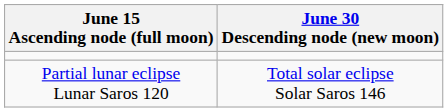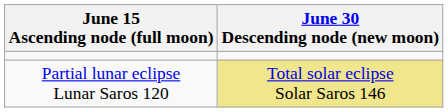 <table class="wikitable">
 <tr>
 <th>June 15<br>Ascending node (full moon)<br></th>
 <th><a href='#'>June 30</a><br>Descending node (new moon)<br></th>
 </tr>
 <tr>
 <td></td>
 <td></td>
 </tr>
 <tr align=center>
 <td><a href='#'>Partial lunar eclipse</a><br>Lunar Saros 120</td>
-<td><a href='#'>Total solar eclipse</a><br>Solar Saros 146</td>
+<td style="background: khaki;"><a href='#'>Total solar eclipse</a><br>Solar Saros 146</td>
 </tr>
 </table>
